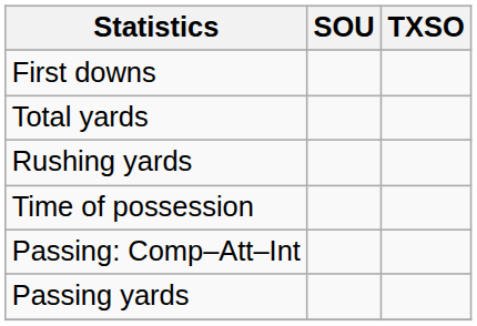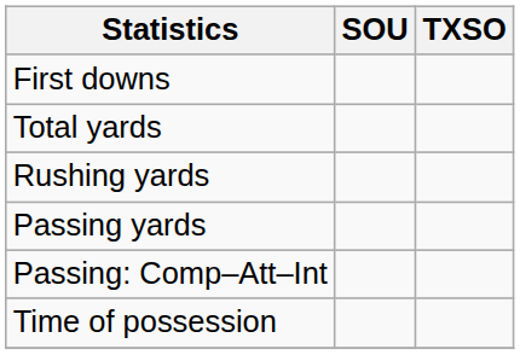 <table class="wikitable" style="float: left;">
 <tr>
 <th>Statistics</th>
 <th>SOU</th>
 <th>TXSO</th>
 </tr>
 <tr>
 <td>First downs</td>
 <td></td>
 <td></td>
 </tr>
 <tr>
 <td>Total yards</td>
 <td></td>
 <td></td>
 </tr>
 <tr>
 <td>Rushing yards</td>
 <td></td>
 <td></td>
 </tr>
 <tr>
-<td>Time of possession</td>
+<td>Passing yards</td>
 <td></td>
 <td></td>
 </tr>
 <tr>
 <td>Passing: Comp–Att–Int</td>
 <td></td>
 <td></td>
 </tr>
 <tr>
-<td>Passing yards</td>
+<td>Time of possession</td>
 <td></td>
 <td></td>
 </tr>
 <tr>
 </tr>
 </table>
